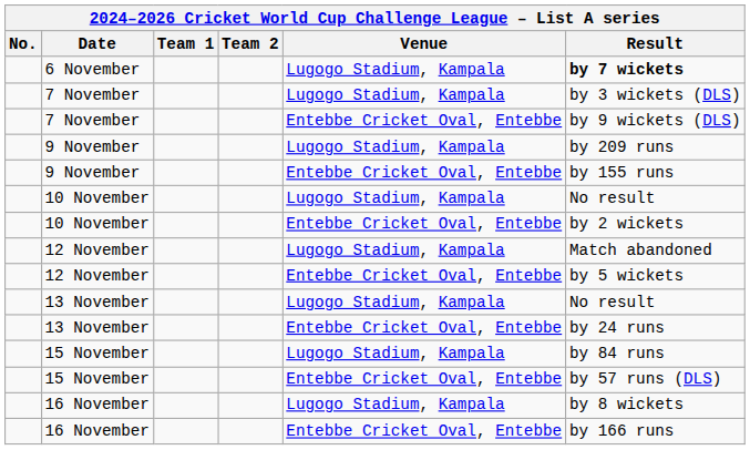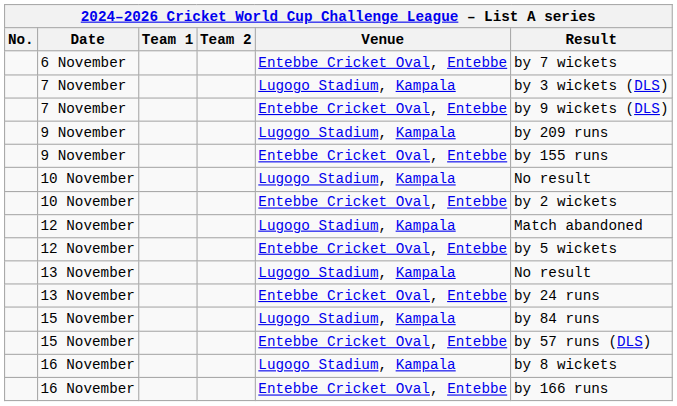 <table class="wikitable">
 <tr>
 <th colspan="7"><a href='#'>2024–2026 Cricket World Cup Challenge League</a> – List A series</th>
 </tr>
 <tr>
 <th>No.</th>
 <th>Date</th>
 <th>Team 1</th>
 <th>Team 2</th>
 <th>Venue</th>
 <th>Result</th>
 </tr>
 <tr>
 <td></td>
 <td>6 November</td>
 <td></td>
 <td></td>
-<td><a href='#'>Lugogo Stadium</a>, <a href='#'>Kampala</a></td>
-<td><strong> by 7 wickets</strong></td>
+<td><a href='#'>Entebbe Cricket Oval</a>, <a href='#'>Entebbe</a></td>
+<td> by 7 wickets</td>
 </tr>
 <tr>
 <td></td>
 <td>7 November</td>
 <td></td>
 <td></td>
 <td><a href='#'>Lugogo Stadium</a>, <a href='#'>Kampala</a></td>
 <td> by 3 wickets (<a href='#'>DLS</a>)</td>
 </tr>
 <tr>
 <td></td>
 <td>7 November</td>
 <td></td>
 <td></td>
 <td><a href='#'>Entebbe Cricket Oval</a>, <a href='#'>Entebbe</a></td>
 <td> by 9 wickets (<a href='#'>DLS</a>)</td>
 </tr>
 <tr>
 <td></td>
 <td>9 November</td>
 <td></td>
 <td></td>
 <td><a href='#'>Lugogo Stadium</a>, <a href='#'>Kampala</a></td>
 <td> by 209 runs</td>
 </tr>
 <tr>
 <td></td>
 <td>9 November</td>
 <td></td>
 <td></td>
 <td><a href='#'>Entebbe Cricket Oval</a>, <a href='#'>Entebbe</a></td>
 <td> by 155 runs</td>
 </tr>
 <tr>
 <td></td>
 <td>10 November</td>
 <td></td>
 <td></td>
 <td><a href='#'>Lugogo Stadium</a>, <a href='#'>Kampala</a></td>
 <td>No result</td>
 </tr>
 <tr>
 <td></td>
 <td>10 November</td>
 <td></td>
 <td></td>
 <td><a href='#'>Entebbe Cricket Oval</a>, <a href='#'>Entebbe</a></td>
 <td> by 2 wickets</td>
 </tr>
 <tr>
 <td></td>
 <td>12 November</td>
 <td></td>
 <td></td>
 <td><a href='#'>Lugogo Stadium</a>, <a href='#'>Kampala</a></td>
 <td>Match abandoned</td>
 </tr>
 <tr>
 <td></td>
 <td>12 November</td>
 <td></td>
 <td></td>
 <td><a href='#'>Entebbe Cricket Oval</a>, <a href='#'>Entebbe</a></td>
 <td> by 5 wickets</td>
 </tr>
 <tr>
 <td></td>
 <td>13 November</td>
 <td></td>
 <td></td>
 <td><a href='#'>Lugogo Stadium</a>, <a href='#'>Kampala</a></td>
 <td>No result</td>
 </tr>
 <tr>
 <td></td>
 <td>13 November</td>
 <td></td>
 <td></td>
 <td><a href='#'>Entebbe Cricket Oval</a>, <a href='#'>Entebbe</a></td>
 <td> by 24 runs</td>
 </tr>
 <tr>
 <td></td>
 <td>15 November</td>
 <td></td>
 <td></td>
 <td><a href='#'>Lugogo Stadium</a>, <a href='#'>Kampala</a></td>
 <td> by 84 runs</td>
 </tr>
 <tr>
 <td></td>
 <td>15 November</td>
 <td></td>
 <td></td>
 <td><a href='#'>Entebbe Cricket Oval</a>, <a href='#'>Entebbe</a></td>
 <td> by 57 runs (<a href='#'>DLS</a>)</td>
 </tr>
 <tr>
 <td></td>
 <td>16 November</td>
 <td></td>
 <td></td>
 <td><a href='#'>Lugogo Stadium</a>, <a href='#'>Kampala</a></td>
 <td> by 8 wickets</td>
 </tr>
 <tr>
 <td></td>
 <td>16 November</td>
 <td></td>
 <td></td>
 <td><a href='#'>Entebbe Cricket Oval</a>, <a href='#'>Entebbe</a></td>
 <td> by 166 runs</td>
 </tr>
 </table>
